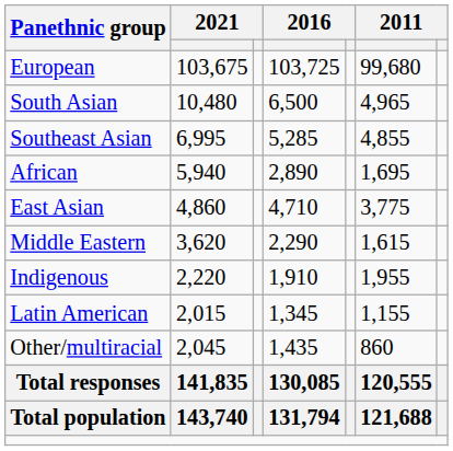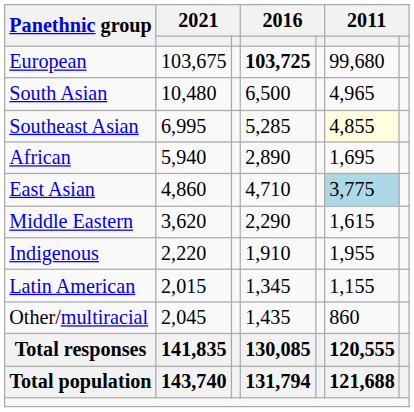 <table class="wikitable collapsible sortable">
 <tr>
 <th rowspan="2"><a href='#'>Panethnic</a> group</th>
 <th colspan="2">2021</th>
 <th colspan="2">2016</th>
 <th colspan="2">2011</th>
 </tr>
 <tr>
 <th><a href='#'></a></th>
 <th></th>
 <th></th>
 <th></th>
 <th></th>
 <th></th>
 </tr>
 <tr>
 <td><a href='#'>European</a></td>
 <td>103,675</td>
 <td></td>
-<td>103,725</td>
+<td><strong>103,725</strong></td>
 <td></td>
 <td>99,680</td>
 <td></td>
 </tr>
 <tr>
 <td><a href='#'>South Asian</a></td>
 <td>10,480</td>
 <td></td>
 <td>6,500</td>
 <td></td>
 <td>4,965</td>
 <td></td>
 </tr>
 <tr>
 <td><a href='#'>Southeast Asian</a></td>
 <td>6,995</td>
 <td></td>
 <td>5,285</td>
 <td></td>
-<td>4,855</td>
+<td style="background: lightyellow;">4,855</td>
 <td></td>
 </tr>
 <tr>
 <td><a href='#'>African</a></td>
 <td>5,940</td>
 <td></td>
 <td>2,890</td>
 <td></td>
 <td>1,695</td>
 <td></td>
 </tr>
 <tr>
 <td><a href='#'>East Asian</a></td>
 <td>4,860</td>
 <td></td>
 <td>4,710</td>
 <td></td>
-<td>3,775</td>
+<td style="background: lightblue;">3,775</td>
 <td></td>
 </tr>
 <tr>
 <td><a href='#'>Middle Eastern</a></td>
 <td>3,620</td>
 <td></td>
 <td>2,290</td>
 <td></td>
 <td>1,615</td>
 <td></td>
 </tr>
 <tr>
 <td><a href='#'>Indigenous</a></td>
 <td>2,220</td>
 <td></td>
 <td>1,910</td>
 <td></td>
 <td>1,955</td>
 <td></td>
 </tr>
 <tr>
 <td><a href='#'>Latin American</a></td>
 <td>2,015</td>
 <td></td>
 <td>1,345</td>
 <td></td>
 <td>1,155</td>
 <td></td>
 </tr>
 <tr>
 <td>Other/<a href='#'>multiracial</a></td>
 <td>2,045</td>
 <td></td>
 <td>1,435</td>
 <td></td>
 <td>860</td>
 <td></td>
 </tr>
 <tr>
 <th>Total responses</th>
 <th>141,835</th>
 <th></th>
 <th>130,085</th>
 <th></th>
 <th>120,555</th>
 <th></th>
 </tr>
 <tr class="sortbottom">
 <th>Total population</th>
 <th>143,740</th>
 <th></th>
 <th>131,794</th>
 <th></th>
 <th>121,688</th>
 <th></th>
 </tr>
 <tr class="sortbottom">
 <td colspan="15"></td>
 </tr>
 </table>
